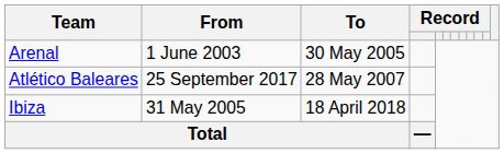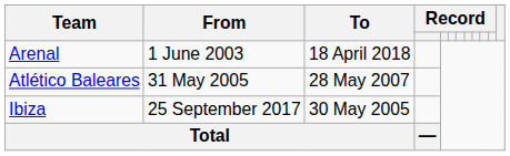 <table class="wikitable" style="text-align: center">
 <tr>
 <th rowspan="2">Team</th>
 <th rowspan="2">From</th>
 <th rowspan="2">To</th>
 <th colspan="8">Record</th>
 <th rowspan=2></th>
 </tr>
 <tr>
 <th></th>
 <th></th>
 <th></th>
 <th></th>
 <th></th>
 <th></th>
 <th></th>
 <th></th>
 </tr>
 <tr>
 <td align=left><a href='#'>Arenal</a></td>
 <td align=left>1 June 2003</td>
-<td align=left>30 May 2005<br></td>
+<td align=left>18 April 2018<br></td>
 <td></td>
 </tr>
 <tr>
 <td align=left><a href='#'>Atlético Baleares</a></td>
-<td align=left>25 September 2017</td>
+<td align=left>31 May 2005</td>
 <td align=left>28 May 2007<br></td>
 <td></td>
 </tr>
 <tr>
 <td align=left><a href='#'>Ibiza</a></td>
-<td align=left>31 May 2005</td>
-<td align=left>18 April 2018<br></td>
+<td align=left>25 September 2017</td>
+<td align=left>30 May 2005<br></td>
 <td></td>
 </tr>
 <tr>
 <th colspan="3">Total<br></th>
 <th>—</th>
 </tr>
 </table>
